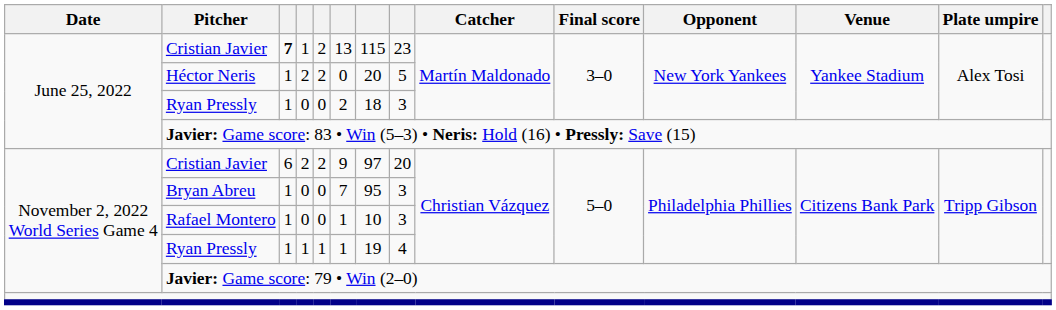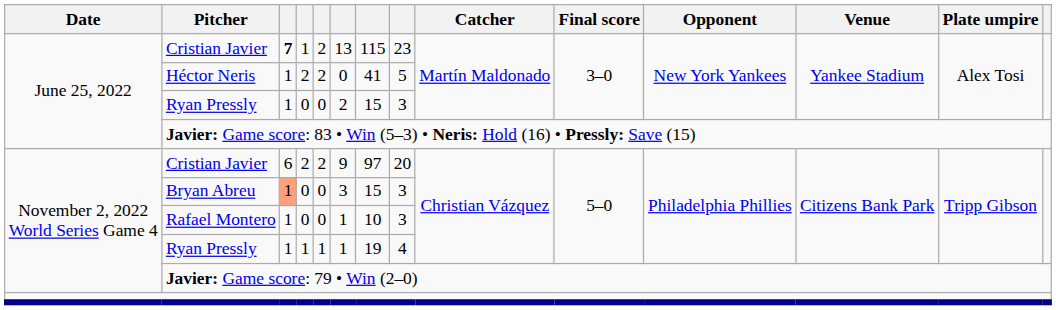 <table class="wikitable unsortable" border="1" style="font-size: 90%">
 <tr>
 <th>Date</th>
 <th>Pitcher</th>
 <th></th>
 <th></th>
 <th></th>
 <th></th>
 <th></th>
 <th></th>
 <th>Catcher</th>
 <th>Final score</th>
 <th>Opponent</th>
 <th>Venue</th>
 <th>Plate umpire</th>
 <th></th>
 </tr>
 <tr>
 <td align="center" rowspan="4">June 25, 2022</td>
 <td><a href='#'>Cristian Javier</a></td>
 <td align="center"><strong>7</strong></td>
 <td align="center">1</td>
 <td align="center">2</td>
 <td align="center">13</td>
 <td align="center">115</td>
 <td align="center">23</td>
 <td align="center" rowspan="3"><a href='#'>Martín Maldonado</a></td>
 <td align="center" rowspan="3">3–0</td>
 <td align="center" rowspan="3"><a href='#'>New York Yankees</a></td>
 <td align="center" rowspan="3"><a href='#'>Yankee Stadium</a></td>
 <td align="center" rowspan="3">Alex Tosi</td>
 <td align="center" rowspan="3"></td>
 </tr>
 <tr>
 <td><a href='#'>Héctor Neris</a></td>
 <td align="center">1</td>
 <td align="center">2</td>
 <td align="center">2</td>
 <td align="center">0</td>
-<td align="center">20</td>
+<td align="center">41</td>
 <td align="center">5</td>
 </tr>
 <tr>
 <td><a href='#'>Ryan Pressly</a></td>
 <td align="center">1</td>
 <td align="center">0</td>
 <td align="center">0</td>
 <td align="center">2</td>
-<td align="center">18</td>
+<td align="center">15</td>
 <td align="center">3</td>
 </tr>
 <tr>
 <td colspan="13"><strong>Javier:</strong> <a href='#'>Game score</a>: 83 • <a href='#'>Win</a> (5–3)  •  <strong>Neris:</strong> <a href='#'>Hold</a> (16)  •  <strong>Pressly:</strong> <a href='#'>Save</a> (15)</td>
 </tr>
 <tr>
 <td align="center" rowspan="5">November 2, 2022<br> <a href='#'>World Series</a> Game 4</td>
 <td><a href='#'>Cristian Javier</a></td>
 <td align="center">6</td>
 <td align="center">2</td>
 <td align="center">2</td>
 <td align="center">9</td>
 <td align="center">97</td>
 <td align="center">20</td>
 <td align="center" rowspan="4"><a href='#'>Christian Vázquez</a></td>
 <td align="center" rowspan="4">5–0</td>
 <td align="center" rowspan="4"><a href='#'>Philadelphia Phillies</a></td>
 <td align="center" rowspan="4"><a href='#'>Citizens Bank Park</a></td>
 <td align="center" rowspan="4"><a href='#'>Tripp Gibson</a></td>
 <td align="center" rowspan="4"></td>
 </tr>
 <tr>
 <td><a href='#'>Bryan Abreu</a></td>
-<td align="center">1</td>
+<td align="center" style="background: lightsalmon;">1</td>
 <td align="center">0</td>
 <td align="center">0</td>
-<td align="center">7</td>
-<td align="center">95</td>
+<td align="center">3</td>
+<td align="center">15</td>
 <td align="center">3</td>
 </tr>
 <tr>
 <td><a href='#'>Rafael Montero</a></td>
 <td align="center">1</td>
 <td align="center">0</td>
 <td align="center">0</td>
 <td align="center">1</td>
 <td align="center">10</td>
 <td align="center">3</td>
 </tr>
 <tr>
 <td><a href='#'>Ryan Pressly</a></td>
 <td align="center">1</td>
 <td align="center">1</td>
 <td align="center">1</td>
 <td align="center">1</td>
 <td align="center">19</td>
 <td align="center">4</td>
 </tr>
 <tr>
 <td colspan="13"><strong>Javier:</strong> <a href='#'>Game score</a>: 79 • <a href='#'>Win</a> (2–0)</td>
 </tr>
 <tr>
 <td style="border-bottom:#020088 5px solid;" colspan="14"></td>
 </tr>
 </table>
